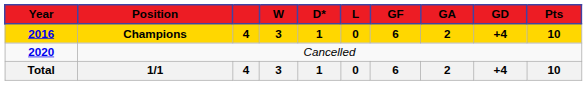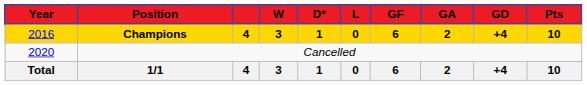 <table Class = "wikitable" style = "text-align: center; width:50%;">
 <tr>
 <th style="background:#ED1C24;border: 2px solid #3F43A4;"><span>Year</span></th>
 <th style="background:#ED1C24;border: 2px solid #3F43A4;"><span>Position</span></th>
 <th style="background:#ED1C24;border: 2px solid #3F43A4;"><span></span></th>
 <th style="background:#ED1C24;border: 2px solid #3F43A4;"><span>W</span></th>
 <th style="background:#ED1C24;border: 2px solid #3F43A4;"><span>D*</span></th>
 <th style="background:#ED1C24;border: 2px solid #3F43A4;"><span>L</span></th>
 <th style="background:#ED1C24;border: 2px solid #3F43A4;"><span>GF</span></th>
 <th style="background:#ED1C24;border: 2px solid #3F43A4;"><span>GA</span></th>
 <th style="background:#ED1C24;border: 2px solid #3F43A4;"><span>GD</span></th>
 <th style="background:#ED1C24;border: 2px solid #3F43A4;"><span>Pts</span></th>
 </tr>
 <tr bgcolor="Gold">
-<td><strong> <a href='#'>2016</a></strong></td>
+<td> <a href='#'>2016</a></td>
 <td><strong>Champions</strong></td>
 <td><strong>4</strong></td>
 <td><strong>3</strong></td>
 <td><strong>1</strong></td>
 <td><strong>0</strong></td>
 <td><strong>6</strong></td>
 <td><strong>2</strong></td>
 <td><strong>+4</strong></td>
 <td><strong>10</strong></td>
 </tr>
 <tr>
-<td><strong><a href='#'>2020</a></strong></td>
+<td><a href='#'>2020</a></td>
 <td colspan="9"><em>Cancelled</em></td>
 </tr>
 <tr>
 <th>Total</th>
 <th>1/1</th>
 <th>4</th>
 <th>3</th>
 <th>1</th>
 <th>0</th>
 <th>6</th>
 <th>2</th>
 <th>+4</th>
 <th>10</th>
 </tr>
 </table>
